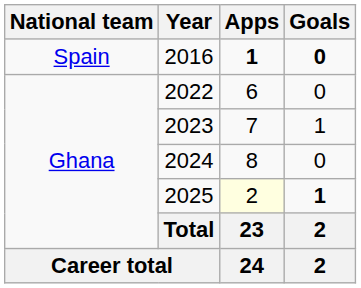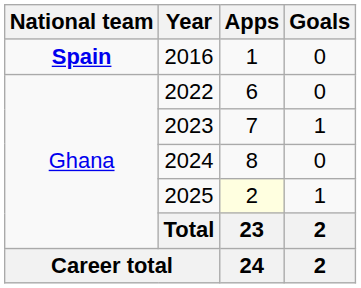 <table class="wikitable" style="text-align: center;">
 <tr>
 <th>National team</th>
 <th>Year</th>
 <th>Apps</th>
 <th>Goals</th>
 </tr>
 <tr>
-<td><a href='#'>Spain</a></td>
+<td><strong><a href='#'>Spain</a></strong></td>
 <td>2016</td>
-<td><strong>1</strong></td>
-<td><strong>0</strong></td>
+<td>1</td>
+<td>0</td>
 </tr>
 <tr>
 <td rowspan="5"><a href='#'>Ghana</a></td>
 <td>2022</td>
 <td>6</td>
 <td>0</td>
 </tr>
 <tr>
 <td>2023</td>
 <td>7</td>
 <td>1</td>
 </tr>
 <tr>
 <td>2024</td>
 <td>8</td>
 <td>0</td>
 </tr>
 <tr>
 <td>2025</td>
 <td style="background: lightyellow;">2</td>
-<td><strong>1</strong></td>
+<td>1</td>
 </tr>
 <tr>
 <th>Total</th>
 <th>23</th>
 <th>2</th>
 </tr>
 <tr>
 <th colspan="2">Career total</th>
 <th>24</th>
 <th>2</th>
 </tr>
 </table>
